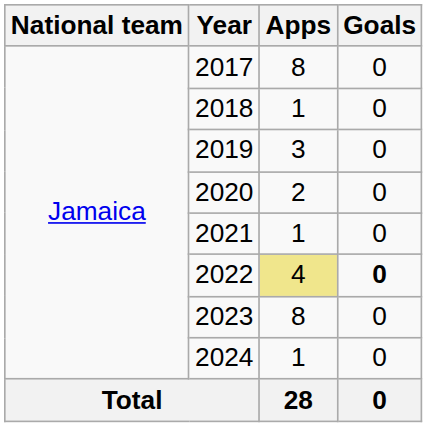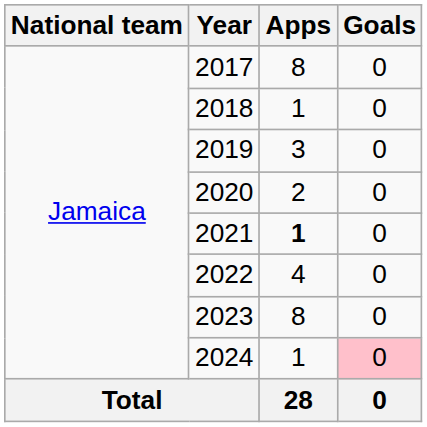 <table class="wikitable" style="text-align:center">
 <tr>
 <th>National team</th>
 <th>Year</th>
 <th>Apps</th>
 <th>Goals</th>
 </tr>
 <tr>
 <td rowspan="8"><a href='#'>Jamaica</a></td>
 <td>2017</td>
 <td>8</td>
 <td>0</td>
 </tr>
 <tr>
 <td>2018</td>
 <td>1</td>
 <td>0</td>
 </tr>
 <tr>
 <td>2019</td>
 <td>3</td>
 <td>0</td>
 </tr>
 <tr>
 <td>2020</td>
 <td>2</td>
 <td>0</td>
 </tr>
 <tr>
 <td>2021</td>
-<td>1</td>
+<td><strong>1</strong></td>
 <td>0</td>
 </tr>
 <tr>
 <td>2022</td>
-<td style="background: khaki;">4</td>
-<td><strong>0</strong></td>
+<td>4</td>
+<td>0</td>
 </tr>
 <tr>
 <td>2023</td>
 <td>8</td>
 <td>0</td>
 </tr>
 <tr>
 <td>2024</td>
 <td>1</td>
-<td>0</td>
+<td style="background: pink;">0</td>
 </tr>
 <tr>
 <th colspan=2>Total</th>
 <th>28</th>
 <th>0</th>
 </tr>
 </table>
